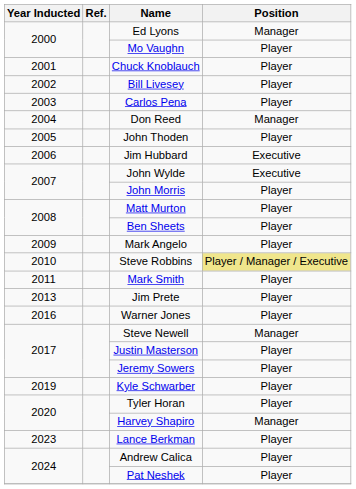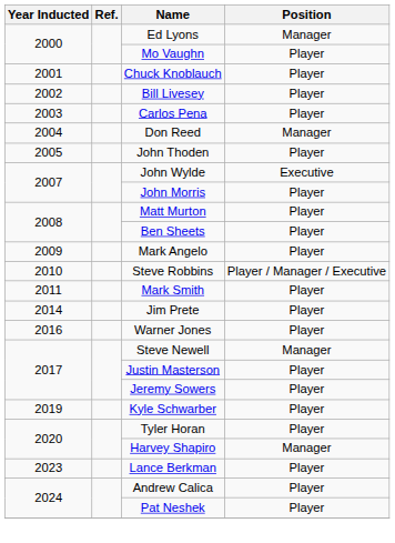 <table class="wikitable" style="text-align:center">
 <tr>
 <th>Year Inducted</th>
 <th>Ref.</th>
 <th>Name</th>
 <th>Position</th>
 </tr>
 <tr>
 <td rowspan="2">2000</td>
 <td rowspan="2"></td>
 <td>Ed Lyons</td>
 <td>Manager</td>
 </tr>
 <tr>
 <td><a href='#'>Mo Vaughn</a></td>
 <td>Player</td>
 </tr>
 <tr>
 <td>2001</td>
 <td></td>
 <td><a href='#'>Chuck Knoblauch</a></td>
 <td>Player</td>
 </tr>
 <tr>
 <td>2002</td>
 <td></td>
 <td><a href='#'>Bill Livesey</a></td>
 <td>Player</td>
 </tr>
 <tr>
 <td>2003</td>
 <td></td>
 <td><a href='#'>Carlos Pena</a></td>
 <td>Player</td>
 </tr>
 <tr>
 <td>2004</td>
 <td></td>
 <td>Don Reed</td>
 <td>Manager</td>
 </tr>
 <tr>
 <td>2005</td>
 <td></td>
 <td>John Thoden</td>
 <td>Player</td>
 </tr>
 <tr>
-<td>2006</td>
-<td></td>
-<td>Jim Hubbard</td>
-<td>Executive</td>
-</tr>
-<tr>
 <td rowspan="2">2007</td>
 <td rowspan="2"></td>
 <td>John Wylde</td>
 <td>Executive</td>
 </tr>
 <tr>
 <td><a href='#'>John Morris</a></td>
 <td>Player</td>
 </tr>
 <tr>
 <td rowspan="2">2008</td>
 <td rowspan="2"></td>
 <td><a href='#'>Matt Murton</a></td>
 <td>Player</td>
 </tr>
 <tr>
 <td><a href='#'>Ben Sheets</a></td>
 <td>Player</td>
 </tr>
 <tr>
 <td>2009</td>
 <td></td>
 <td>Mark Angelo</td>
 <td>Player</td>
 </tr>
 <tr>
 <td>2010</td>
 <td></td>
 <td>Steve Robbins</td>
-<td style="background: khaki;">Player / Manager / Executive</td>
+<td>Player / Manager / Executive</td>
 </tr>
 <tr>
 <td>2011</td>
 <td></td>
 <td><a href='#'>Mark Smith</a></td>
 <td>Player</td>
 </tr>
 <tr>
-<td>2013</td>
+<td>2014</td>
 <td></td>
 <td>Jim Prete</td>
 <td>Player</td>
 </tr>
 <tr>
 <td>2016</td>
 <td></td>
 <td>Warner Jones</td>
 <td>Player</td>
 </tr>
 <tr>
 <td rowspan="3">2017</td>
 <td rowspan="3"></td>
 <td>Steve Newell</td>
 <td>Manager</td>
 </tr>
 <tr>
 <td><a href='#'>Justin Masterson</a></td>
 <td>Player</td>
 </tr>
 <tr>
 <td><a href='#'>Jeremy Sowers</a></td>
 <td>Player</td>
 </tr>
 <tr>
 <td>2019</td>
 <td></td>
 <td><a href='#'>Kyle Schwarber</a></td>
 <td>Player</td>
 </tr>
 <tr>
 <td rowspan="2">2020</td>
 <td rowspan="2"></td>
 <td>Tyler Horan</td>
 <td>Player</td>
 </tr>
 <tr>
 <td><a href='#'>Harvey Shapiro</a></td>
 <td>Manager</td>
 </tr>
 <tr>
 <td>2023</td>
 <td></td>
 <td><a href='#'>Lance Berkman</a></td>
 <td>Player</td>
 </tr>
 <tr>
 <td rowspan="2">2024</td>
 <td rowspan="2"></td>
 <td>Andrew Calica</td>
 <td>Player</td>
 </tr>
 <tr>
 <td><a href='#'>Pat Neshek</a></td>
 <td>Player</td>
 </tr>
 <tr>
 </tr>
 </table>
